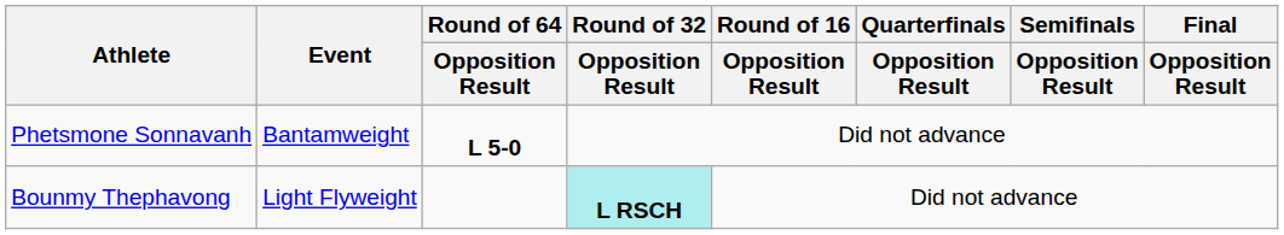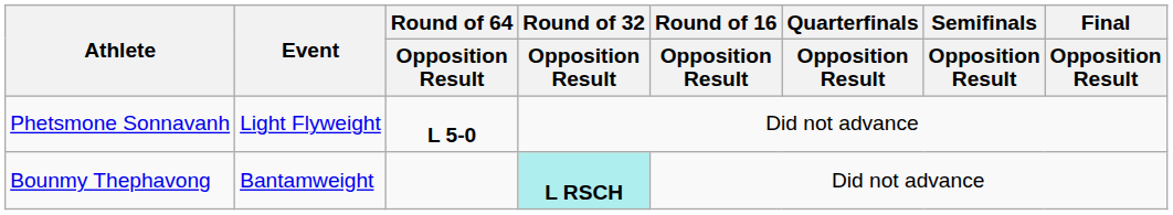 <table class="wikitable" style="font-size:90%">
 <tr>
 <th rowspan="2">Athlete</th>
 <th rowspan="2">Event</th>
 <th>Round of 64</th>
 <th>Round of 32</th>
 <th>Round of 16</th>
 <th>Quarterfinals</th>
 <th>Semifinals</th>
 <th>Final</th>
 </tr>
 <tr>
 <th>Opposition<br>Result</th>
 <th>Opposition<br>Result</th>
 <th>Opposition<br>Result</th>
 <th>Opposition<br>Result</th>
 <th>Opposition<br>Result</th>
 <th>Opposition<br>Result</th>
 </tr>
 <tr>
 <td><a href='#'>Phetsmone Sonnavanh</a></td>
-<td><a href='#'>Bantamweight</a></td>
+<td><a href='#'>Light Flyweight</a></td>
 <td align=center><br><strong>L 5-0</strong></td>
 <td align=center colspan="5">Did not advance</td>
 </tr>
 <tr>
 <td><a href='#'>Bounmy Thephavong</a></td>
-<td><a href='#'>Light Flyweight</a></td>
+<td><a href='#'>Bantamweight</a></td>
 <td></td>
 <td align=center style="background: paleturquoise;"><br><strong>L RSCH</strong></td>
 <td align=center colspan="4">Did not advance</td>
 </tr>
 </table>
